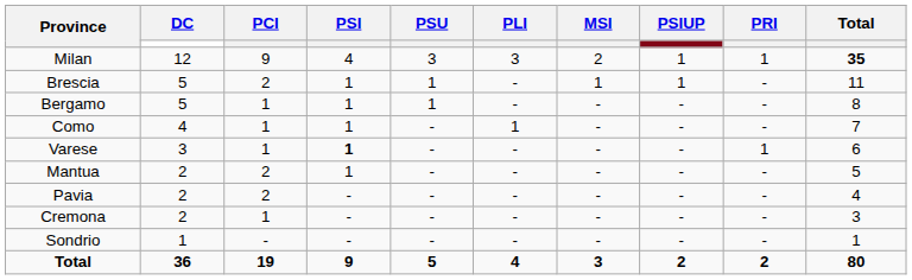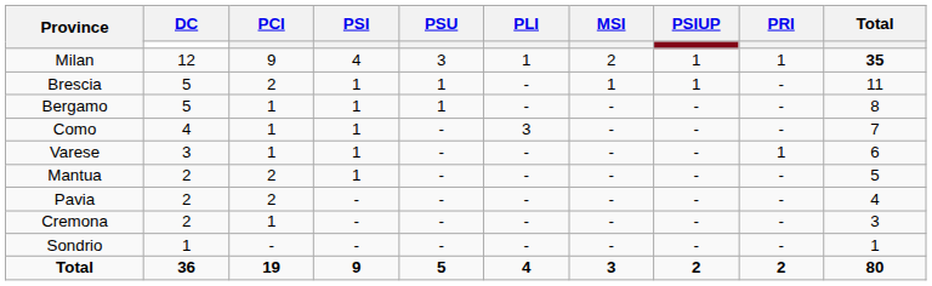 <table class="wikitable" style="text-align:center;font-size:85%;line-height:13px">
 <tr style="height:30px; background-color:#E9E9E9">
 <th style="width:110px;" rowspan="2">Province</th>
 <th style="width:65px;"><a href='#'>DC</a></th>
 <th style="width:65px;"><a href='#'>PCI</a></th>
 <th style="width:65px;"><a href='#'>PSI</a></th>
 <th style="width:65px;"><a href='#'>PSU</a></th>
 <th style="width:65px;"><a href='#'>PLI</a></th>
 <th style="width:65px;"><a href='#'>MSI</a></th>
 <th style="width:65px;"><a href='#'>PSIUP</a></th>
 <th style="width:65px;"><a href='#'>PRI</a></th>
 <th style="width:80px;">Total</th>
 </tr>
 <tr>
 <th style="background:white;"></th>
 <th style="background:"></th>
 <th style="background:"></th>
 <th style="background:"></th>
 <th style="background:"></th>
 <th style="background:"></th>
 <th style="background:#820516;"></th>
 <th style="background:"></th>
 <th style="background:"></th>
 </tr>
 <tr>
 <td>Milan</td>
 <td>12</td>
 <td>9</td>
 <td>4</td>
 <td>3</td>
-<td>3</td>
+<td>1</td>
 <td>2</td>
 <td>1</td>
 <td>1</td>
 <td><strong>35</strong></td>
 </tr>
 <tr>
 <td>Brescia</td>
 <td>5</td>
 <td>2</td>
 <td>1</td>
 <td>1</td>
 <td>-</td>
 <td>1</td>
 <td>1</td>
 <td>-</td>
 <td>11</td>
 </tr>
 <tr>
 <td>Bergamo</td>
 <td>5</td>
 <td>1</td>
 <td>1</td>
 <td>1</td>
 <td>-</td>
 <td>-</td>
 <td>-</td>
 <td>-</td>
 <td>8</td>
 </tr>
 <tr>
 <td>Como</td>
 <td>4</td>
 <td>1</td>
 <td>1</td>
 <td>-</td>
-<td>1</td>
+<td>3</td>
 <td>-</td>
 <td>-</td>
 <td>-</td>
 <td>7</td>
 </tr>
 <tr>
 <td>Varese</td>
 <td>3</td>
 <td>1</td>
-<td><strong>1</strong></td>
+<td>1</td>
 <td>-</td>
 <td>-</td>
 <td>-</td>
 <td>-</td>
 <td>1</td>
 <td>6</td>
 </tr>
 <tr>
 <td>Mantua</td>
 <td>2</td>
 <td>2</td>
 <td>1</td>
 <td>-</td>
 <td>-</td>
 <td>-</td>
 <td>-</td>
 <td>-</td>
 <td>5</td>
 </tr>
 <tr>
 <td>Pavia</td>
 <td>2</td>
 <td>2</td>
 <td>-</td>
 <td>-</td>
 <td>-</td>
 <td>-</td>
 <td>-</td>
 <td>-</td>
 <td>4</td>
 </tr>
 <tr>
 <td>Cremona</td>
 <td>2</td>
 <td>1</td>
 <td>-</td>
 <td>-</td>
 <td>-</td>
 <td>-</td>
 <td>-</td>
 <td>-</td>
 <td>3</td>
 </tr>
 <tr>
 <td>Sondrio</td>
 <td>1</td>
 <td>-</td>
 <td>-</td>
 <td>-</td>
 <td>-</td>
 <td>-</td>
 <td>-</td>
 <td>-</td>
 <td>1</td>
 </tr>
 <tr>
 <td><strong>Total</strong></td>
 <td><strong>36</strong></td>
 <td><strong>19</strong></td>
 <td><strong>9</strong></td>
 <td><strong>5</strong></td>
 <td><strong>4</strong></td>
 <td><strong>3</strong></td>
 <td><strong>2</strong></td>
 <td><strong>2</strong></td>
 <td><strong>80</strong></td>
 </tr>
 </table>
